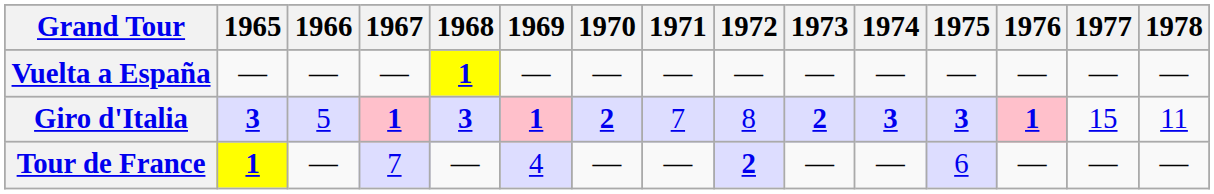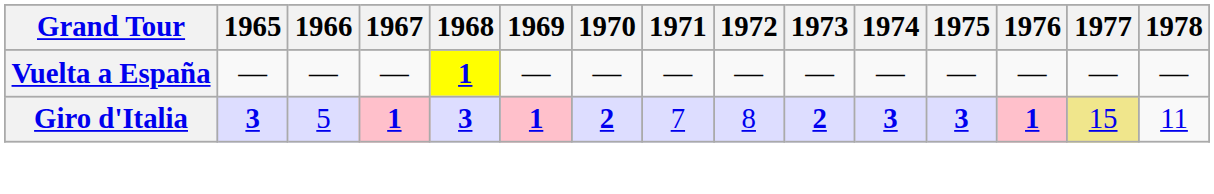 <table class="wikitable plainrowheaders">
 <tr>
 <th scope="col"><a href='#'>Grand Tour</a></th>
 <th scope="col">1965</th>
 <th scope="col">1966</th>
 <th scope="col">1967</th>
 <th scope="col">1968</th>
 <th scope="col">1969</th>
 <th scope="col">1970</th>
 <th scope="col">1971</th>
 <th scope="col">1972</th>
 <th scope="col">1973</th>
 <th scope="col">1974</th>
 <th scope="col">1975</th>
 <th scope="col">1976</th>
 <th scope="col">1977</th>
 <th scope="col">1978</th>
 </tr>
 <tr>
 <th scope="row"> <a href='#'>Vuelta a España</a></th>
 <td style="text-align:center;">—</td>
 <td style="text-align:center;">—</td>
 <td style="text-align:center;">—</td>
 <td style="text-align:center; background:yellow;"><a href='#'><strong>1</strong></a></td>
 <td style="text-align:center;">—</td>
 <td style="text-align:center;">—</td>
 <td style="text-align:center;">—</td>
 <td style="text-align:center;">—</td>
 <td style="text-align:center;">—</td>
 <td style="text-align:center;">—</td>
 <td style="text-align:center;">—</td>
 <td style="text-align:center;">—</td>
 <td style="text-align:center;">—</td>
 <td style="text-align:center;">—</td>
 </tr>
 <tr>
 <th scope="row"> <a href='#'>Giro d'Italia</a></th>
 <td style="text-align:center; background:#ddf;"><a href='#'><strong>3</strong></a></td>
 <td style="text-align:center; background:#ddf;"><a href='#'>5</a></td>
 <td style="text-align:center; background:pink"><a href='#'><strong>1</strong></a></td>
 <td style="text-align:center; background:#ddf;"><a href='#'><strong>3</strong></a></td>
 <td style="text-align:center; background:pink"><a href='#'><strong>1</strong></a></td>
 <td style="text-align:center; background:#ddf;"><a href='#'><strong>2</strong></a></td>
 <td style="text-align:center; background:#ddf;"><a href='#'>7</a></td>
 <td style="text-align:center; background:#ddf;"><a href='#'>8</a></td>
 <td style="text-align:center; background:#ddf;"><a href='#'><strong>2</strong></a></td>
 <td style="text-align:center; background:#ddf;"><a href='#'><strong>3</strong></a></td>
 <td style="text-align:center; background:#ddf;"><a href='#'><strong>3</strong></a></td>
 <td style="text-align:center; background:pink"><a href='#'><strong>1</strong></a></td>
-<td style="text-align:center;"><a href='#'>15</a></td>
+<td style="background: khaki; text-align:center;"><a href='#'>15</a></td>
 <td style="text-align:center;"><a href='#'>11</a></td>
 </tr>
-<tr>
-<th scope="row"> <a href='#'>Tour de France</a></th>
-<td style="text-align:center; background:yellow;"><a href='#'><strong>1</strong></a></td>
-<td style="text-align:center;">—</td>
-<td style="text-align:center; background:#ddf;"><a href='#'>7</a></td>
-<td style="text-align:center;">—</td>
-<td style="text-align:center; background:#ddf;"><a href='#'>4</a></td>
-<td style="text-align:center;">—</td>
-<td style="text-align:center;">—</td>
-<td style="text-align:center; background:#ddf;"><a href='#'><strong>2</strong></a></td>
-<td style="text-align:center;">—</td>
-<td style="text-align:center;">—</td>
-<td style="text-align:center; background:#ddf;"><a href='#'>6</a></td>
-<td style="text-align:center;">—</td>
-<td style="text-align:center;">—</td>
-<td style="text-align:center;">—</td>
-</tr>
 </table>
